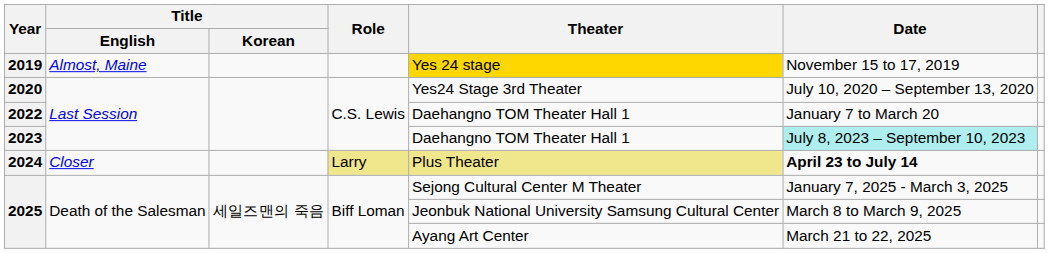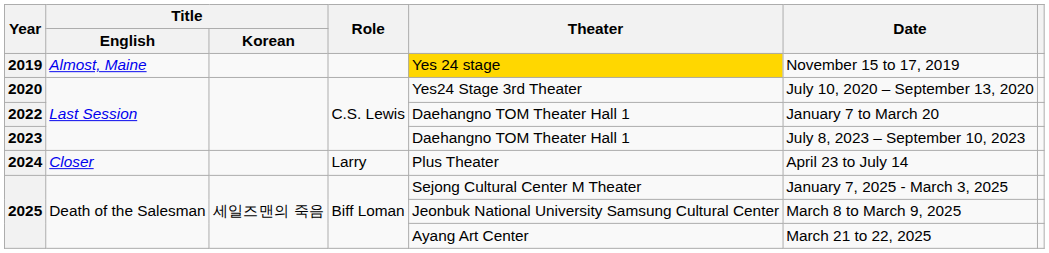 <table class="wikitable sortable plainrowheaders">
 <tr>
 <th rowspan="2" scope="col">Year</th>
 <th colspan="2" scope="col">Title</th>
 <th rowspan="2" scope="col">Role</th>
 <th rowspan="2" scope="col">Theater</th>
 <th rowspan="2" scope="col">Date</th>
 <th rowspan="2" scope="col" class="unsortable"></th>
 </tr>
 <tr>
 <th>English</th>
 <th>Korean</th>
 </tr>
 <tr>
 <th scope="row">2019</th>
 <td><em><a href='#'>Almost, Maine</a></em></td>
 <td></td>
 <td></td>
 <td style="background: gold;">Yes 24 stage</td>
 <td>November 15 to 17, 2019</td>
 <td style="text-align:center"></td>
 </tr>
 <tr>
 <th scope="row">2020</th>
 <td rowspan="3"><em><a href='#'>Last Session</a></em></td>
 <td rowspan="3"></td>
 <td rowspan="3">C.S. Lewis</td>
 <td>Yes24 Stage 3rd Theater</td>
 <td>July 10, 2020 – September 13, 2020</td>
 <td style="text-align:center"></td>
 </tr>
 <tr>
 <th scope="row">2022</th>
 <td>Daehangno TOM Theater Hall 1</td>
 <td>January 7 to March 20</td>
 <td style="text-align:center"></td>
 </tr>
 <tr>
 <th scope="row">2023</th>
 <td>Daehangno TOM Theater Hall 1</td>
-<td style="background: paleturquoise;">July 8, 2023 – September 10, 2023</td>
+<td>July 8, 2023 – September 10, 2023</td>
 <td style="text-align:center"></td>
 </tr>
 <tr>
 <th scope="row">2024</th>
 <td><em><a href='#'>Closer</a></em></td>
 <td></td>
-<td style="background: khaki;">Larry</td>
-<td style="background: khaki;">Plus Theater</td>
-<td><strong>April 23 to July 14</strong></td>
+<td>Larry</td>
+<td>Plus Theater</td>
+<td>April 23 to July 14</td>
 <td style="text-align:center"></td>
 </tr>
 <tr>
 <th rowspan="3">2025</th>
 <td rowspan="3">Death of the Salesman</td>
 <td rowspan="3">세일즈맨의 죽음</td>
 <td rowspan="3">Biff Loman</td>
 <td>Sejong Cultural Center M Theater</td>
 <td>January 7, 2025 - March 3, 2025</td>
 <td></td>
 </tr>
 <tr>
 <td>Jeonbuk National University Samsung Cultural Center</td>
 <td>March 8 to March 9, 2025</td>
 <td></td>
 </tr>
 <tr>
 <td>Ayang Art Center</td>
 <td>March 21 to 22, 2025</td>
 <td></td>
 </tr>
 </table>
